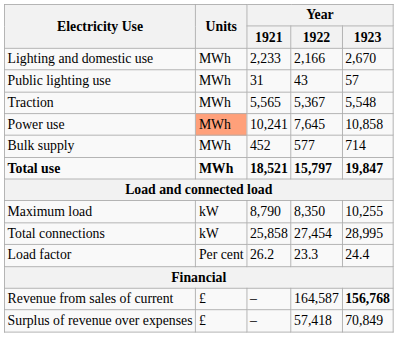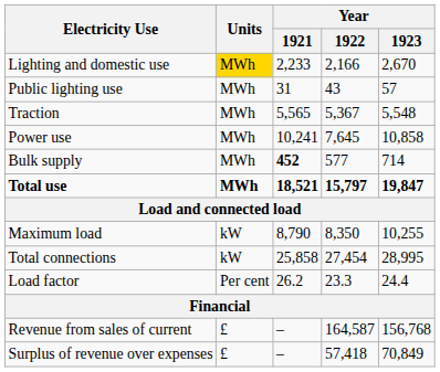 <table class="wikitable">
 <tr>
 <th rowspan="2">Electricity  Use</th>
 <th rowspan="2">Units</th>
 <th colspan="3">Year</th>
 </tr>
 <tr>
 <th>1921</th>
 <th>1922</th>
 <th>1923</th>
 </tr>
 <tr>
 <td>Lighting  and domestic use</td>
-<td>MWh</td>
+<td style="background: gold;">MWh</td>
 <td>2,233</td>
 <td>2,166</td>
 <td>2,670</td>
 </tr>
 <tr>
 <td>Public  lighting use</td>
 <td>MWh</td>
 <td>31</td>
 <td>43</td>
 <td>57</td>
 </tr>
 <tr>
 <td>Traction</td>
 <td>MWh</td>
 <td>5,565</td>
 <td>5,367</td>
 <td>5,548</td>
 </tr>
 <tr>
 <td>Power  use</td>
-<td style="background: lightsalmon;">MWh</td>
+<td>MWh</td>
 <td>10,241</td>
 <td>7,645</td>
 <td>10,858</td>
 </tr>
 <tr>
 <td>Bulk  supply</td>
 <td>MWh</td>
-<td>452</td>
+<td><strong>452</strong></td>
 <td>577</td>
 <td>714</td>
 </tr>
 <tr>
 <td><strong>Total  use</strong></td>
 <td><strong>MWh</strong></td>
 <td><strong>18,521</strong></td>
 <td><strong>15,797</strong></td>
 <td><strong>19,847</strong></td>
 </tr>
 <tr>
 <th colspan="5">Load  and connected load</th>
 </tr>
 <tr>
 <td>Maximum  load</td>
 <td>kW</td>
 <td>8,790</td>
 <td>8,350</td>
 <td>10,255</td>
 </tr>
 <tr>
 <td>Total  connections</td>
 <td>kW</td>
 <td>25,858</td>
 <td>27,454</td>
 <td>28,995</td>
 </tr>
 <tr>
 <td>Load  factor</td>
 <td>Per  cent</td>
 <td>26.2</td>
 <td>23.3</td>
 <td>24.4</td>
 </tr>
 <tr>
 <th colspan="5">Financial</th>
 </tr>
 <tr>
 <td>Revenue  from sales of current</td>
 <td>£</td>
 <td>–</td>
 <td>164,587</td>
-<td><strong>156,768</strong></td>
+<td>156,768</td>
 </tr>
 <tr>
 <td>Surplus  of revenue over expenses</td>
 <td>£</td>
 <td>–</td>
 <td>57,418</td>
 <td>70,849</td>
 </tr>
 </table>
